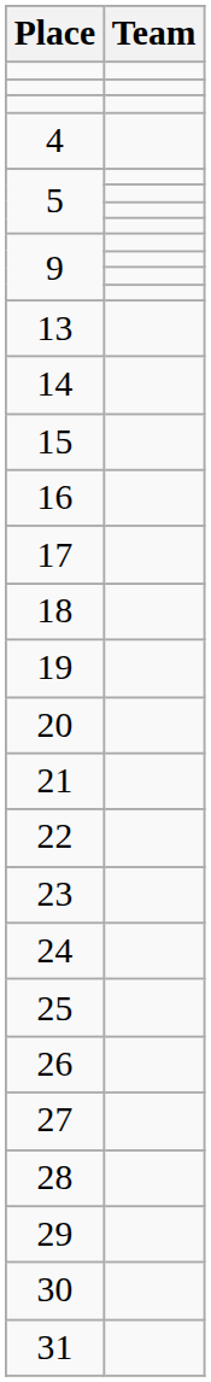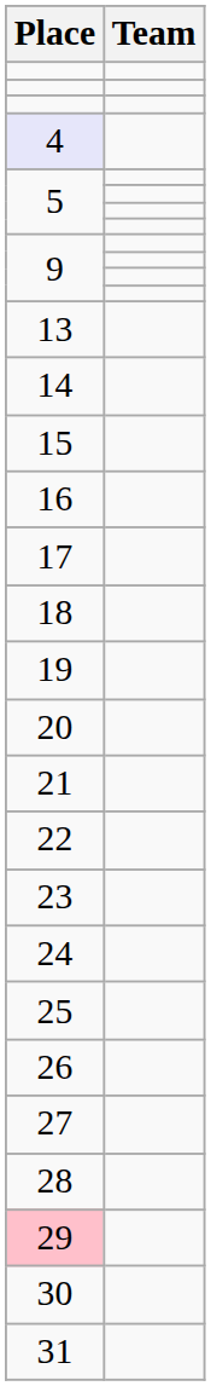 <table class="wikitable">
 <tr>
 <th>Place</th>
 <th>Team</th>
 </tr>
 <tr>
 <td align=center></td>
 <td></td>
 </tr>
 <tr>
 <td align=center></td>
 <td></td>
 </tr>
 <tr>
 <td align=center></td>
 <td></td>
 </tr>
 <tr>
-<td align=center>4</td>
+<td align=center style="background: lavender;">4</td>
 <td></td>
 </tr>
 <tr>
 <td rowspan=4 align=center>5</td>
 <td></td>
 </tr>
 <tr>
 <td></td>
 </tr>
 <tr>
 <td></td>
 </tr>
 <tr>
 <td></td>
 </tr>
 <tr>
 <td rowspan=4 align=center>9</td>
 <td></td>
 </tr>
 <tr>
 <td></td>
 </tr>
 <tr>
 <td></td>
 </tr>
 <tr>
 <td></td>
 </tr>
 <tr>
 <td align=center>13</td>
 <td></td>
 </tr>
 <tr>
 <td align=center>14</td>
 <td></td>
 </tr>
 <tr>
 <td align=center>15</td>
 <td></td>
 </tr>
 <tr>
 <td align=center>16</td>
 <td></td>
 </tr>
 <tr>
 <td align=center>17</td>
 <td></td>
 </tr>
 <tr>
 <td align=center>18</td>
 <td></td>
 </tr>
 <tr>
 <td align=center>19</td>
 <td></td>
 </tr>
 <tr>
 <td align=center>20</td>
 <td></td>
 </tr>
 <tr>
 <td align=center>21</td>
 <td></td>
 </tr>
 <tr>
 <td align=center>22</td>
 <td></td>
 </tr>
 <tr>
 <td align=center>23</td>
 <td></td>
 </tr>
 <tr>
 <td align=center>24</td>
 <td></td>
 </tr>
 <tr>
 <td align=center>25</td>
 <td></td>
 </tr>
 <tr>
 <td align=center>26</td>
 <td></td>
 </tr>
 <tr>
 <td align=center>27</td>
 <td></td>
 </tr>
 <tr>
 <td align=center>28</td>
 <td></td>
 </tr>
 <tr>
-<td align=center>29</td>
+<td align=center style="background: pink;">29</td>
 <td></td>
 </tr>
 <tr>
 <td align=center>30</td>
 <td></td>
 </tr>
 <tr>
 <td align=center>31</td>
 <td></td>
 </tr>
 </table>
